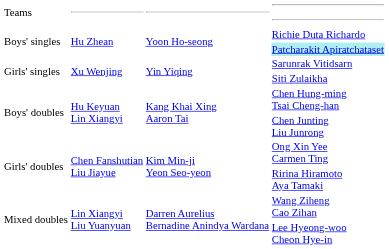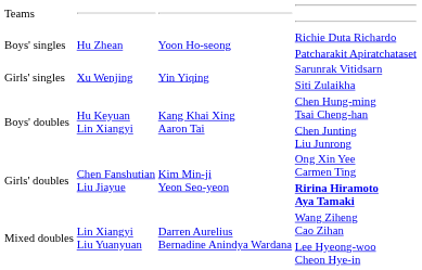 <table>
 <tr>
 <td rowspan="2">Teams<br></td>
 <td align="center" rowspan="2"><hr></td>
 <td align="center" rowspan="2"><hr></td>
 <td align="center"><hr></td>
 </tr>
 <tr>
 <td align="center"><hr></td>
 </tr>
 <tr>
 <td rowspan="2">Boys' singles<br></td>
 <td rowspan="2"> <a href='#'>Hu Zhean</a></td>
 <td rowspan="2"> <a href='#'>Yoon Ho-seong</a></td>
 <td> <a href='#'>Richie Duta Richardo</a></td>
 </tr>
 <tr>
-<td style="background: paleturquoise;"> <a href='#'>Patcharakit Apiratchataset</a></td>
+<td> <a href='#'>Patcharakit Apiratchataset</a></td>
 </tr>
 <tr>
 <td rowspan="2">Girls' singles<br></td>
 <td rowspan="2"> <a href='#'>Xu Wenjing</a></td>
 <td rowspan="2"> <a href='#'>Yin Yiqing</a></td>
 <td> <a href='#'>Sarunrak Vitidsarn</a></td>
 </tr>
 <tr>
 <td> <a href='#'>Siti Zulaikha</a></td>
 </tr>
 <tr>
 <td rowspan="2">Boys' doubles<br></td>
 <td rowspan="2"> <a href='#'>Hu Keyuan</a><br> <a href='#'>Lin Xiangyi</a></td>
 <td rowspan="2"> <a href='#'>Kang Khai Xing</a><br> <a href='#'>Aaron Tai</a></td>
 <td> <a href='#'>Chen Hung-ming</a><br> <a href='#'>Tsai Cheng-han</a></td>
 </tr>
 <tr>
 <td> <a href='#'>Chen Junting</a><br> <a href='#'>Liu Junrong</a></td>
 </tr>
 <tr>
 <td rowspan="2">Girls' doubles<br></td>
 <td rowspan="2"> <a href='#'>Chen Fanshutian</a><br> <a href='#'>Liu Jiayue</a></td>
 <td rowspan="2"> <a href='#'>Kim Min-ji</a><br> <a href='#'>Yeon Seo-yeon</a></td>
 <td> <a href='#'>Ong Xin Yee</a><br> <a href='#'>Carmen Ting</a></td>
 </tr>
 <tr>
-<td> <a href='#'>Ririna Hiramoto</a><br> <a href='#'>Aya Tamaki</a></td>
+<td><strong> <a href='#'>Ririna Hiramoto</a><br> <a href='#'>Aya Tamaki</a></strong></td>
 </tr>
 <tr>
 <td rowspan="2">Mixed doubles<br></td>
 <td rowspan="2"> <a href='#'>Lin Xiangyi</a><br> <a href='#'>Liu Yuanyuan</a></td>
 <td rowspan="2"> <a href='#'>Darren Aurelius</a><br> <a href='#'>Bernadine Anindya Wardana</a></td>
 <td> <a href='#'>Wang Ziheng</a><br> <a href='#'>Cao Zihan</a></td>
 </tr>
 <tr>
 <td> <a href='#'>Lee Hyeong-woo</a><br> <a href='#'>Cheon Hye-in</a></td>
 </tr>
 </table>
